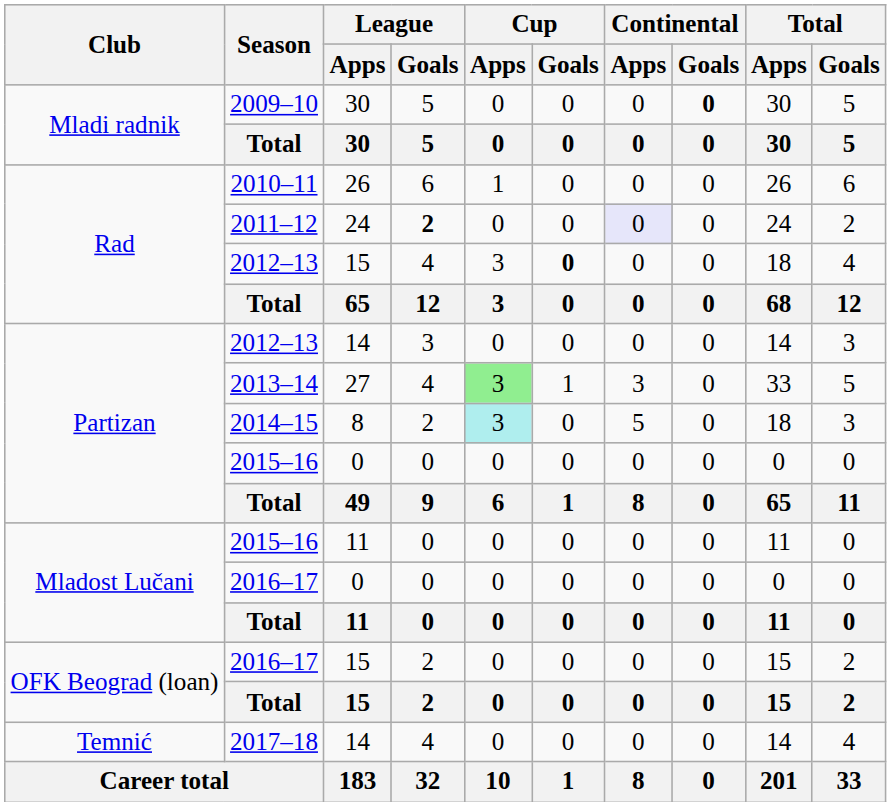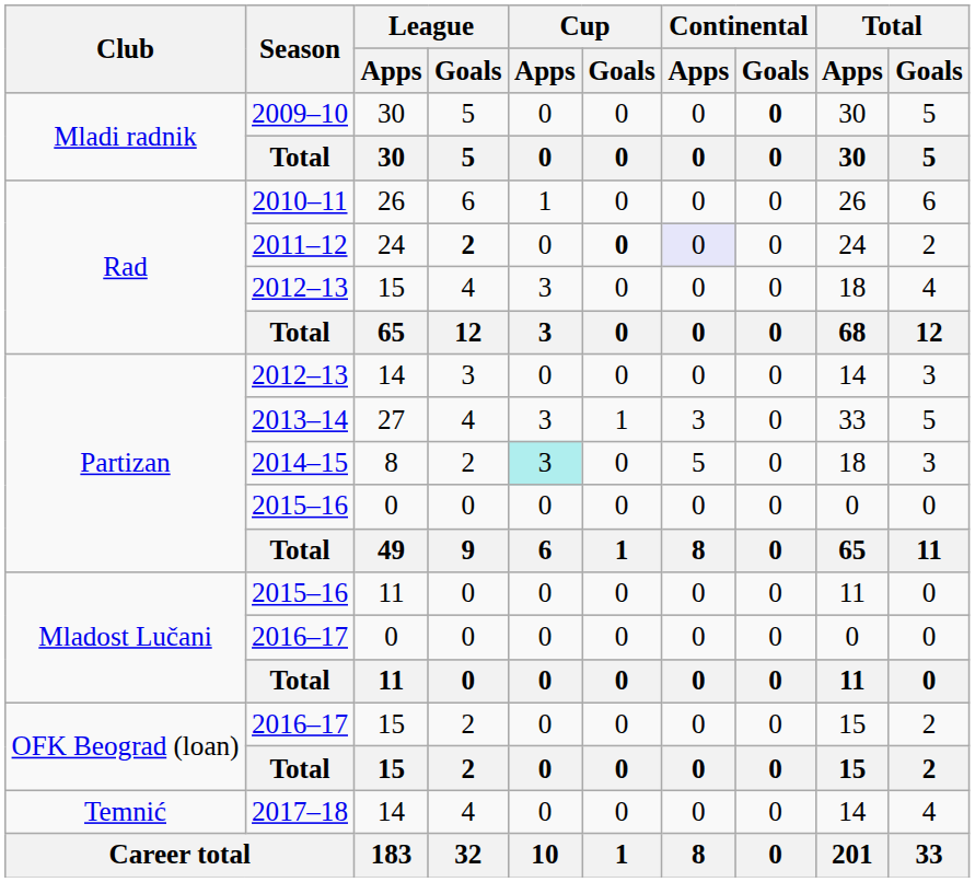 <table class="wikitable" style="text-align:center">
 <tr>
 <th rowspan="2">Club</th>
 <th rowspan="2">Season</th>
 <th colspan="2">League</th>
 <th colspan="2">Cup</th>
 <th colspan="2">Continental</th>
 <th colspan="2">Total</th>
 </tr>
 <tr>
 <th>Apps</th>
 <th>Goals</th>
 <th>Apps</th>
 <th>Goals</th>
 <th>Apps</th>
 <th>Goals</th>
 <th>Apps</th>
 <th>Goals</th>
 </tr>
 <tr>
 <td rowspan="2"><a href='#'>Mladi radnik</a></td>
 <td><a href='#'>2009–10</a></td>
 <td>30</td>
 <td>5</td>
 <td>0</td>
 <td>0</td>
 <td>0</td>
 <td><strong>0</strong></td>
 <td>30</td>
 <td>5</td>
 </tr>
 <tr>
 <th>Total</th>
 <th>30</th>
 <th>5</th>
 <th>0</th>
 <th>0</th>
 <th>0</th>
 <th>0</th>
 <th>30</th>
 <th>5</th>
 </tr>
 <tr>
 <td rowspan="4"><a href='#'>Rad</a></td>
 <td><a href='#'>2010–11</a></td>
 <td>26</td>
 <td>6</td>
 <td>1</td>
 <td>0</td>
 <td>0</td>
 <td>0</td>
 <td>26</td>
 <td>6</td>
 </tr>
 <tr>
 <td><a href='#'>2011–12</a></td>
 <td>24</td>
 <td><strong>2</strong></td>
 <td>0</td>
-<td>0</td>
+<td><strong>0</strong></td>
 <td style="background: lavender;">0</td>
 <td>0</td>
 <td>24</td>
 <td>2</td>
 </tr>
 <tr>
 <td><a href='#'>2012–13</a></td>
 <td>15</td>
 <td>4</td>
 <td>3</td>
-<td><strong>0</strong></td>
+<td>0</td>
 <td>0</td>
 <td>0</td>
 <td>18</td>
 <td>4</td>
 </tr>
 <tr>
 <th>Total</th>
 <th>65</th>
 <th>12</th>
 <th>3</th>
 <th>0</th>
 <th>0</th>
 <th>0</th>
 <th>68</th>
 <th>12</th>
 </tr>
 <tr>
 <td rowspan="5"><a href='#'>Partizan</a></td>
 <td><a href='#'>2012–13</a></td>
 <td>14</td>
 <td>3</td>
 <td>0</td>
 <td>0</td>
 <td>0</td>
 <td>0</td>
 <td>14</td>
 <td>3</td>
 </tr>
 <tr>
 <td><a href='#'>2013–14</a></td>
 <td>27</td>
 <td>4</td>
-<td style="background: lightgreen;">3</td>
+<td>3</td>
 <td>1</td>
 <td>3</td>
 <td>0</td>
 <td>33</td>
 <td>5</td>
 </tr>
 <tr>
 <td><a href='#'>2014–15</a></td>
 <td>8</td>
 <td>2</td>
 <td style="background: paleturquoise;">3</td>
 <td>0</td>
 <td>5</td>
 <td>0</td>
 <td>18</td>
 <td>3</td>
 </tr>
 <tr>
 <td><a href='#'>2015–16</a></td>
 <td>0</td>
 <td>0</td>
 <td>0</td>
 <td>0</td>
 <td>0</td>
 <td>0</td>
 <td>0</td>
 <td>0</td>
 </tr>
 <tr>
 <th>Total</th>
 <th>49</th>
 <th>9</th>
 <th>6</th>
 <th>1</th>
 <th>8</th>
 <th>0</th>
 <th>65</th>
 <th>11</th>
 </tr>
 <tr>
 <td rowspan="3"><a href='#'>Mladost Lučani</a></td>
 <td><a href='#'>2015–16</a></td>
 <td>11</td>
 <td>0</td>
 <td>0</td>
 <td>0</td>
 <td>0</td>
 <td>0</td>
 <td>11</td>
 <td>0</td>
 </tr>
 <tr>
 <td><a href='#'>2016–17</a></td>
 <td>0</td>
 <td>0</td>
 <td>0</td>
 <td>0</td>
 <td>0</td>
 <td>0</td>
 <td>0</td>
 <td>0</td>
 </tr>
 <tr>
 <th>Total</th>
 <th>11</th>
 <th>0</th>
 <th>0</th>
 <th>0</th>
 <th>0</th>
 <th>0</th>
 <th>11</th>
 <th>0</th>
 </tr>
 <tr>
 <td rowspan="2"><a href='#'>OFK Beograd</a> (loan)</td>
 <td><a href='#'>2016–17</a></td>
 <td>15</td>
 <td>2</td>
 <td>0</td>
 <td>0</td>
 <td>0</td>
 <td>0</td>
 <td>15</td>
 <td>2</td>
 </tr>
 <tr>
 <th>Total</th>
 <th>15</th>
 <th>2</th>
 <th>0</th>
 <th>0</th>
 <th>0</th>
 <th>0</th>
 <th>15</th>
 <th>2</th>
 </tr>
 <tr>
 <td><a href='#'>Temnić</a></td>
 <td><a href='#'>2017–18</a></td>
 <td>14</td>
 <td>4</td>
 <td>0</td>
 <td>0</td>
 <td>0</td>
 <td>0</td>
 <td>14</td>
 <td>4</td>
 </tr>
 <tr>
 <th colspan="2">Career total</th>
 <th>183</th>
 <th>32</th>
 <th>10</th>
 <th>1</th>
 <th>8</th>
 <th>0</th>
 <th>201</th>
 <th>33</th>
 </tr>
 </table>
